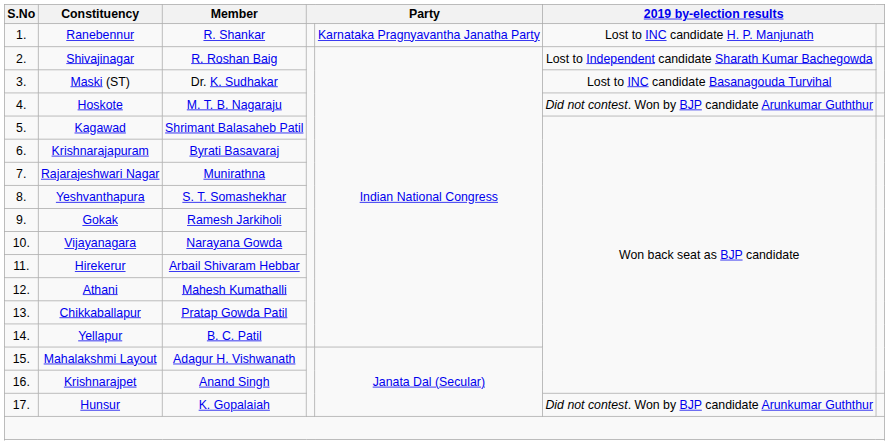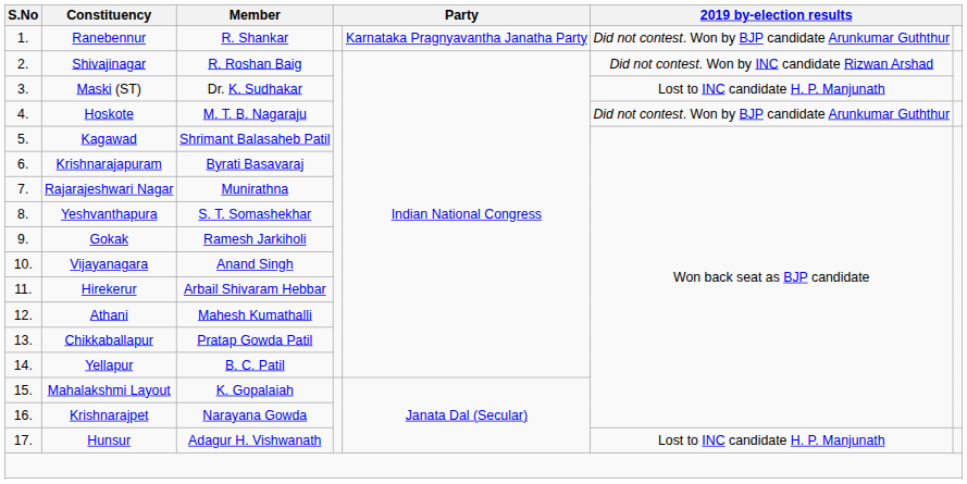 <table class="wikitable sortable">
 <tr>
 <th>S.No</th>
 <th>Constituency</th>
 <th>Member</th>
 <th colspan=2>Party</th>
 <th colspan=2><a href='#'>2019 by-election results</a></th>
 </tr>
 <tr style="text-align:center; height:30px;">
 <td>1.</td>
 <td><a href='#'>Ranebennur</a></td>
 <td><a href='#'>R. Shankar</a></td>
 <td width="4px" style="background-color: "></td>
 <td><a href='#'>Karnataka Pragnyavantha Janatha Party</a></td>
-<td>Lost to <a href='#'>INC</a> candidate <a href='#'>H. P. Manjunath</a></td>
+<td><em>Did not contest</em>. Won by <a href='#'>BJP</a> candidate <a href='#'>Arunkumar Guththur</a></td>
 <td width="4px" style="background-color: "></td>
 </tr>
 <tr style="text-align:center; height:30px;">
 <td>2.</td>
 <td><a href='#'>Shivajinagar</a></td>
 <td><a href='#'>R. Roshan Baig</a></td>
 <td rowspan="13" width="4px" style="background-color: "></td>
 <td rowspan="13"><a href='#'>Indian National Congress</a></td>
-<td>Lost to <a href='#'>Independent</a> candidate <a href='#'>Sharath Kumar Bachegowda</a></td>
+<td><em>Did not contest</em>. Won by <a href='#'>INC</a> candidate <a href='#'>Rizwan Arshad</a></td>
 <td rowspan="2" width="4px" style="background-color: "></td>
 </tr>
 <tr style="text-align:center; height:30px;">
 <td>3.</td>
 <td><a href='#'>Maski</a> (ST)</td>
 <td>Dr. <a href='#'>K. Sudhakar</a></td>
-<td>Lost to <a href='#'>INC</a> candidate <a href='#'>Basanagouda Turvihal</a></td>
+<td>Lost to <a href='#'>INC</a> candidate <a href='#'>H. P. Manjunath</a></td>
 </tr>
 <tr style="text-align:center; height:30px;">
 <td>4.</td>
 <td><a href='#'>Hoskote</a></td>
 <td><a href='#'>M. T. B. Nagaraju</a></td>
 <td><em>Did not contest</em>. Won by <a href='#'>BJP</a> candidate <a href='#'>Arunkumar Guththur</a></td>
 <td width="4px" style="background-color: "></td>
 </tr>
 <tr style="text-align:center; height:30px;">
 <td>5.</td>
 <td><a href='#'>Kagawad</a></td>
 <td><a href='#'>Shrimant Balasaheb Patil</a></td>
 <td rowspan="12">Won back seat as <a href='#'>BJP</a> candidate</td>
 <td rowspan="12" width="4px" style="background-color: "></td>
 </tr>
 <tr style="text-align:center; height:30px;">
 <td>6.</td>
 <td><a href='#'>Krishnarajapuram</a></td>
 <td><a href='#'>Byrati Basavaraj</a></td>
 </tr>
 <tr style="text-align:center; height:30px;">
 <td>7.</td>
 <td><a href='#'>Rajarajeshwari Nagar</a></td>
 <td><a href='#'>Munirathna</a></td>
 </tr>
 <tr style="text-align:center; height:30px;">
 <td>8.</td>
 <td><a href='#'>Yeshvanthapura</a></td>
 <td><a href='#'>S. T. Somashekhar</a></td>
 </tr>
 <tr style="text-align:center; height:30px;">
 <td>9.</td>
 <td><a href='#'>Gokak</a></td>
 <td><a href='#'>Ramesh Jarkiholi</a></td>
 </tr>
 <tr style="text-align:center; height:30px;">
 <td>10.</td>
 <td><a href='#'>Vijayanagara</a></td>
-<td><a href='#'>Narayana Gowda</a></td>
+<td><a href='#'>Anand Singh</a></td>
 </tr>
 <tr style="text-align:center; height:30px;">
 <td>11.</td>
 <td><a href='#'>Hirekerur</a></td>
 <td><a href='#'>Arbail Shivaram Hebbar</a></td>
 </tr>
 <tr style="text-align:center; height:30px;">
 <td>12.</td>
 <td><a href='#'>Athani</a></td>
 <td><a href='#'>Mahesh Kumathalli</a></td>
 </tr>
 <tr style="text-align:center; height:30px;">
 <td>13.</td>
 <td><a href='#'>Chikkaballapur</a></td>
 <td><a href='#'>Pratap Gowda Patil</a></td>
 </tr>
 <tr style="text-align:center; height:30px;">
 <td>14.</td>
 <td><a href='#'>Yellapur</a></td>
 <td><a href='#'>B. C. Patil</a></td>
 </tr>
 <tr style="text-align:center; height:30px;">
 <td>15.</td>
 <td><a href='#'>Mahalakshmi Layout</a></td>
-<td><a href='#'>Adagur H. Vishwanath</a></td>
+<td><a href='#'>K. Gopalaiah</a></td>
 <td rowspan="3" width="4px" style="background-color: "></td>
 <td rowspan="3"><a href='#'>Janata Dal (Secular)</a></td>
 </tr>
 <tr style="text-align:center; height:30px;">
 <td>16.</td>
 <td><a href='#'>Krishnarajpet</a></td>
-<td><a href='#'>Anand Singh</a></td>
+<td><a href='#'>Narayana Gowda</a></td>
 </tr>
 <tr style="text-align:center; height:30px;">
 <td>17.</td>
 <td><a href='#'>Hunsur</a></td>
-<td><a href='#'>K. Gopalaiah</a></td>
-<td><em>Did not contest</em>. Won by <a href='#'>BJP</a> candidate <a href='#'>Arunkumar Guththur</a></td>
+<td><a href='#'>Adagur H. Vishwanath</a></td>
+<td>Lost to <a href='#'>INC</a> candidate <a href='#'>H. P. Manjunath</a></td>
 <td width="4px" style="background-color: "></td>
 </tr>
 <tr style="text-align:center; height:30px;">
 </tr>
 <tr>
 </tr>
 </table>
